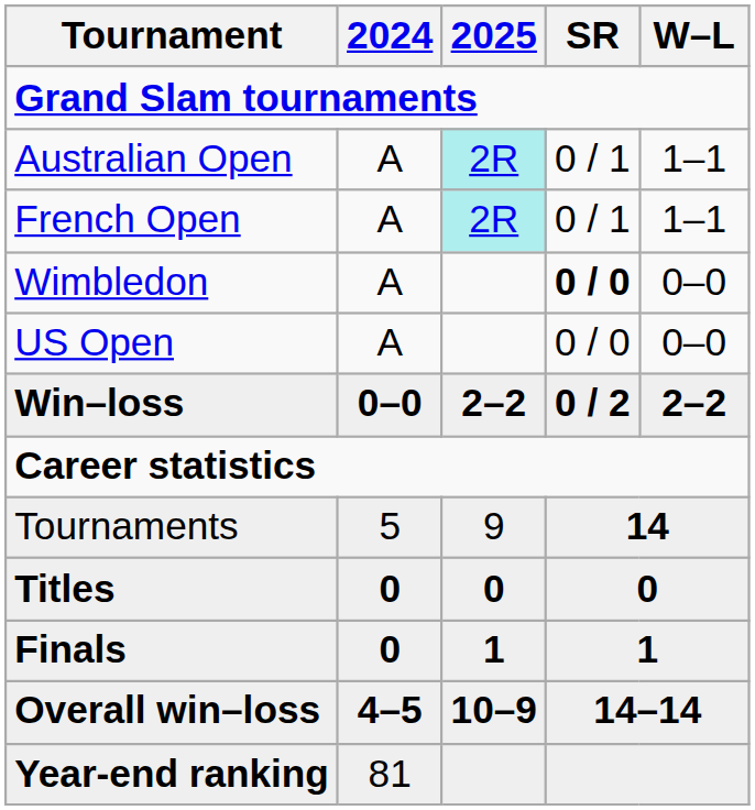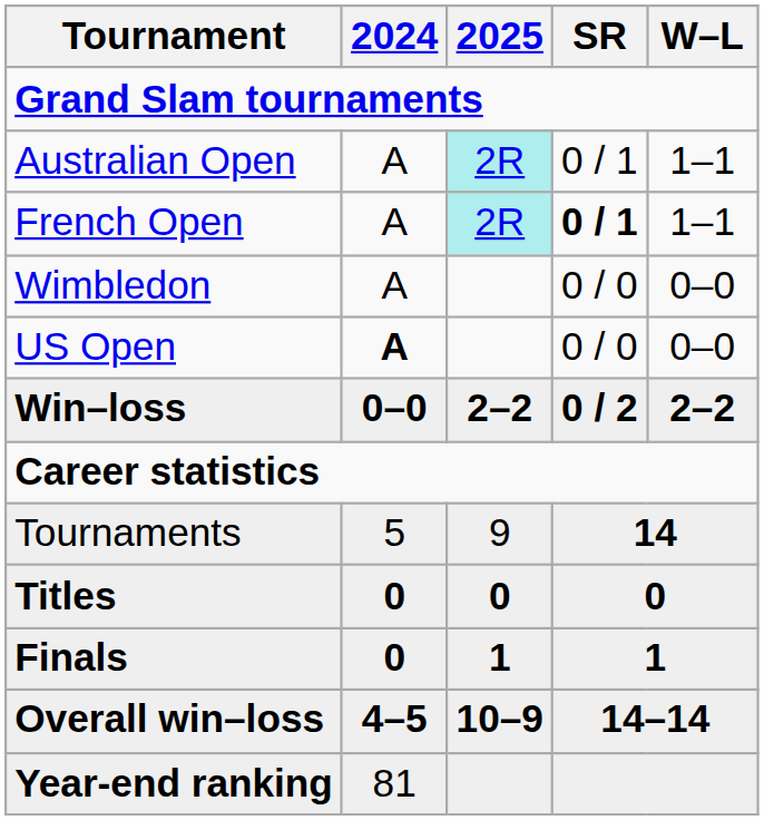 <table class=wikitable style=text-align:center>
 <tr>
 <th>Tournament</th>
 <th><a href='#'>2024</a></th>
 <th><a href='#'>2025</a></th>
 <th>SR</th>
 <th width=38>W–L</th>
 </tr>
 <tr>
 <td colspan="5" align="left"><strong><a href='#'>Grand Slam tournaments</a></strong></td>
 </tr>
 <tr>
 <td align=left><a href='#'>Australian Open</a></td>
 <td>A</td>
 <td bgcolor=afeeee><a href='#'>2R</a></td>
 <td>0 / 1</td>
 <td>1–1</td>
 </tr>
 <tr>
 <td align=left><a href='#'>French Open</a></td>
 <td>A</td>
 <td bgcolor=afeeee><a href='#'>2R</a></td>
-<td>0 / 1</td>
+<td><strong>0 / 1</strong></td>
 <td>1–1</td>
 </tr>
 <tr>
 <td align=left><a href='#'>Wimbledon</a></td>
 <td>A</td>
 <td></td>
-<td><strong>0 / 0</strong></td>
+<td>0 / 0</td>
 <td>0–0</td>
 </tr>
 <tr>
 <td align=left><a href='#'>US Open</a></td>
-<td>A</td>
+<td><strong>A</strong></td>
 <td></td>
 <td>0 / 0</td>
 <td>0–0</td>
 </tr>
 <tr style=font-weight:bold;background:#efefef>
 <td style=text-align:left>Win–loss</td>
 <td>0–0</td>
 <td>2–2</td>
 <td>0 / 2</td>
 <td>2–2</td>
 </tr>
 <tr>
 <td colspan="5" align="left"><strong>Career statistics</strong></td>
 </tr>
 <tr bgcolor=efefef>
 <td align=left>Tournaments</td>
 <td>5</td>
 <td>9</td>
 <td colspan="2"><strong>14</strong></td>
 </tr>
 <tr style=font-weight:bold;background:#efefef>
 <td style=text-align:left>Titles</td>
 <td>0</td>
 <td>0</td>
 <td colspan="2">0</td>
 </tr>
 <tr style=font-weight:bold;background:#efefef>
 <td style=text-align:left>Finals</td>
 <td>0</td>
 <td>1</td>
 <td colspan="2">1</td>
 </tr>
 <tr style=font-weight:bold;background:#efefef>
 <td style=text-align:left>Overall win–loss</td>
 <td>4–5</td>
 <td>10–9</td>
 <td colspan="2">14–14</td>
 </tr>
 <tr bgcolor=efefef>
 <td align=left><strong>Year-end ranking</strong></td>
 <td>81</td>
 <td></td>
 <td colspan="2"><strong></strong></td>
 </tr>
 </table>
